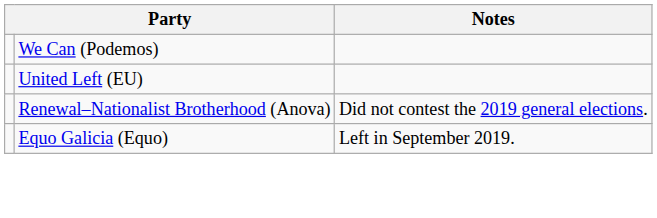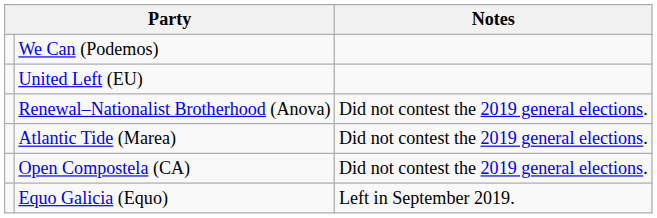 <table class="wikitable" style="text-align:left; font-size:95%;">
 <tr>
 <th colspan="2">Party</th>
 <th>Notes</th>
 </tr>
 <tr>
 <td width="1"></td>
 <td><a href='#'>We Can</a> (Podemos)</td>
 <td></td>
 </tr>
 <tr>
 <td></td>
 <td><a href='#'>United Left</a> (EU)</td>
 <td></td>
 </tr>
 <tr>
 <td></td>
 <td><a href='#'>Renewal–Nationalist Brotherhood</a> (Anova)</td>
 <td>Did not contest the <a href='#'>2019 general elections</a>.</td>
 </tr>
 <tr>
 <td></td>
+<td><a href='#'>Atlantic Tide</a> (Marea)</td>
+<td>Did not contest the <a href='#'>2019 general elections</a>.</td>
+</tr>
+<tr>
+<td></td>
+<td><a href='#'>Open Compostela</a> (CA)</td>
+<td>Did not contest the <a href='#'>2019 general elections</a>.</td>
+</tr>
+<tr>
+<td></td>
 <td><a href='#'>Equo Galicia</a> (Equo)</td>
 <td>Left in September 2019.</td>
 </tr>
 </table>
